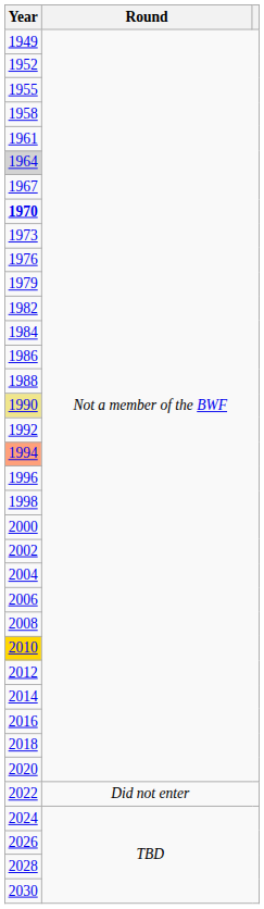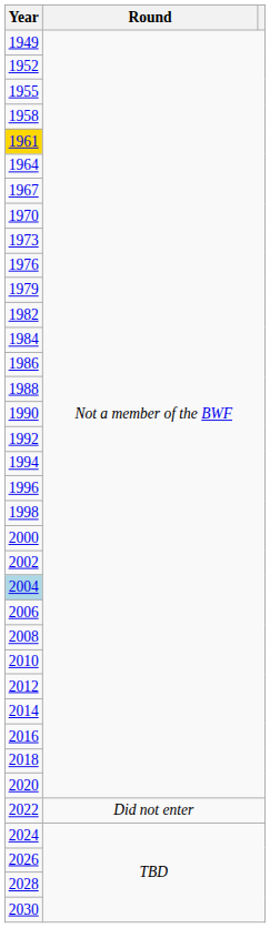 <table class="wikitable" style="text-align: center; font-size:90%">
 <tr>
 <th>Year</th>
 <th style="width:200px">Round</th>
 <th></th>
 </tr>
 <tr>
 <td><a href='#'>1949</a></td>
 <td colspan="2" rowspan="31"><em>Not a member of the <a href='#'>BWF</a></em></td>
 </tr>
 <tr>
 <td><a href='#'>1952</a></td>
 </tr>
 <tr>
 <td><a href='#'>1955</a></td>
 </tr>
 <tr>
 <td><a href='#'>1958</a></td>
 </tr>
 <tr>
-<td><a href='#'>1961</a></td>
+<td style="background: gold;"><a href='#'>1961</a></td>
 </tr>
 <tr>
-<td style="background: lightgrey;"><a href='#'>1964</a></td>
+<td><a href='#'>1964</a></td>
 </tr>
 <tr>
 <td><a href='#'>1967</a></td>
 </tr>
 <tr>
-<td><strong><a href='#'>1970</a></strong></td>
+<td><a href='#'>1970</a></td>
 </tr>
 <tr>
 <td><a href='#'>1973</a></td>
 </tr>
 <tr>
 <td><a href='#'>1976</a></td>
 </tr>
 <tr>
 <td><a href='#'>1979</a></td>
 </tr>
 <tr>
 <td><a href='#'>1982</a></td>
 </tr>
 <tr>
 <td><a href='#'>1984</a></td>
 </tr>
 <tr>
 <td><a href='#'>1986</a></td>
 </tr>
 <tr>
 <td><a href='#'>1988</a></td>
 </tr>
 <tr>
-<td style="background: khaki;"><a href='#'>1990</a></td>
+<td><a href='#'>1990</a></td>
 </tr>
 <tr>
 <td><a href='#'>1992</a></td>
 </tr>
 <tr>
-<td style="background: lightsalmon;"><a href='#'>1994</a></td>
+<td><a href='#'>1994</a></td>
 </tr>
 <tr>
 <td><a href='#'>1996</a></td>
 </tr>
 <tr>
 <td><a href='#'>1998</a></td>
 </tr>
 <tr>
 <td><a href='#'>2000</a></td>
 </tr>
 <tr>
 <td><a href='#'>2002</a></td>
 </tr>
 <tr>
-<td><a href='#'>2004</a></td>
+<td style="background: lightblue;"><a href='#'>2004</a></td>
 </tr>
 <tr>
 <td><a href='#'>2006</a></td>
 </tr>
 <tr>
 <td><a href='#'>2008</a></td>
 </tr>
 <tr>
-<td style="background: gold;"><a href='#'>2010</a></td>
+<td><a href='#'>2010</a></td>
 </tr>
 <tr>
 <td><a href='#'>2012</a></td>
 </tr>
 <tr>
 <td><a href='#'>2014</a></td>
 </tr>
 <tr>
 <td><a href='#'>2016</a></td>
 </tr>
 <tr>
 <td><a href='#'>2018</a></td>
 </tr>
 <tr>
 <td><a href='#'>2020</a></td>
 </tr>
 <tr>
 <td><a href='#'>2022</a></td>
 <td colspan="2"><em>Did not enter</em></td>
 </tr>
 <tr>
 <td><a href='#'>2024</a></td>
 <td colspan="2" rowspan="4"><em>TBD</em></td>
 </tr>
 <tr>
 <td><a href='#'>2026</a></td>
 </tr>
 <tr>
 <td><a href='#'>2028</a></td>
 </tr>
 <tr>
 <td><a href='#'>2030</a></td>
 </tr>
 </table>
